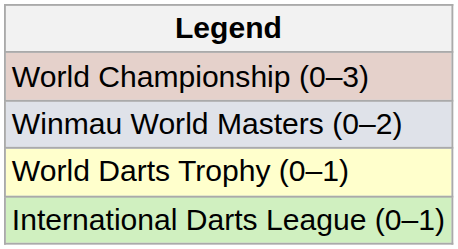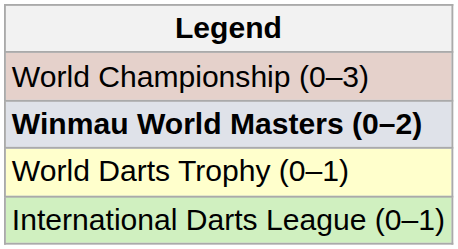 <table class="wikitable">
 <tr>
 <th>Legend</th>
 </tr>
 <tr style="background:#e5d1cb;">
 <td>World Championship (0–3)</td>
 </tr>
 <tr style="background:#dfe2e9;">
-<td>Winmau World Masters (0–2)</td>
+<td><strong>Winmau World Masters (0–2)</strong></td>
 </tr>
 <tr style="background:#ffc;">
 <td>World Darts Trophy (0–1)</td>
 </tr>
 <tr style="background:#d0f0c0;">
 <td>International Darts League (0–1)</td>
 </tr>
 </table>
